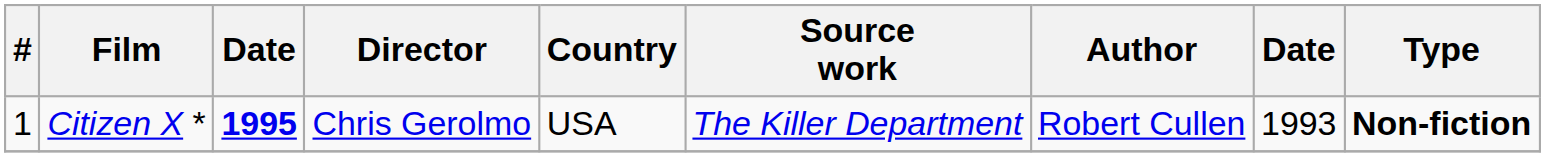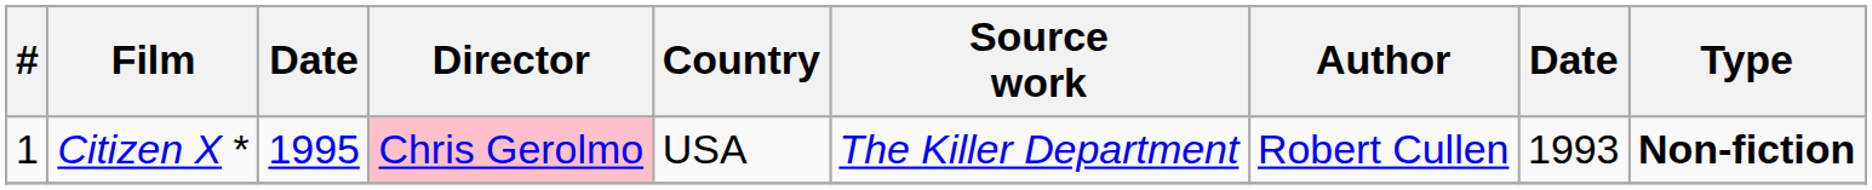 <table class="wikitable">
 <tr>
 <th>#</th>
 <th>Film</th>
 <th>Date</th>
 <th>Director</th>
 <th>Country</th>
 <th>Source<br>work</th>
 <th>Author</th>
 <th>Date</th>
 <th>Type</th>
 </tr>
 <tr>
 <td>1</td>
 <td><em><a href='#'>Citizen X</a></em> *</td>
-<td><strong><a href='#'>1995</a></strong></td>
-<td><a href='#'>Chris Gerolmo</a></td>
+<td><a href='#'>1995</a></td>
+<td style="background: pink;"><a href='#'>Chris Gerolmo</a></td>
 <td>USA</td>
 <td><em><a href='#'>The Killer Department</a></em></td>
 <td><a href='#'>Robert Cullen</a></td>
 <td>1993</td>
 <td><strong>Non-fiction</strong></td>
 </tr>
 <tr>
 </tr>
 </table>
